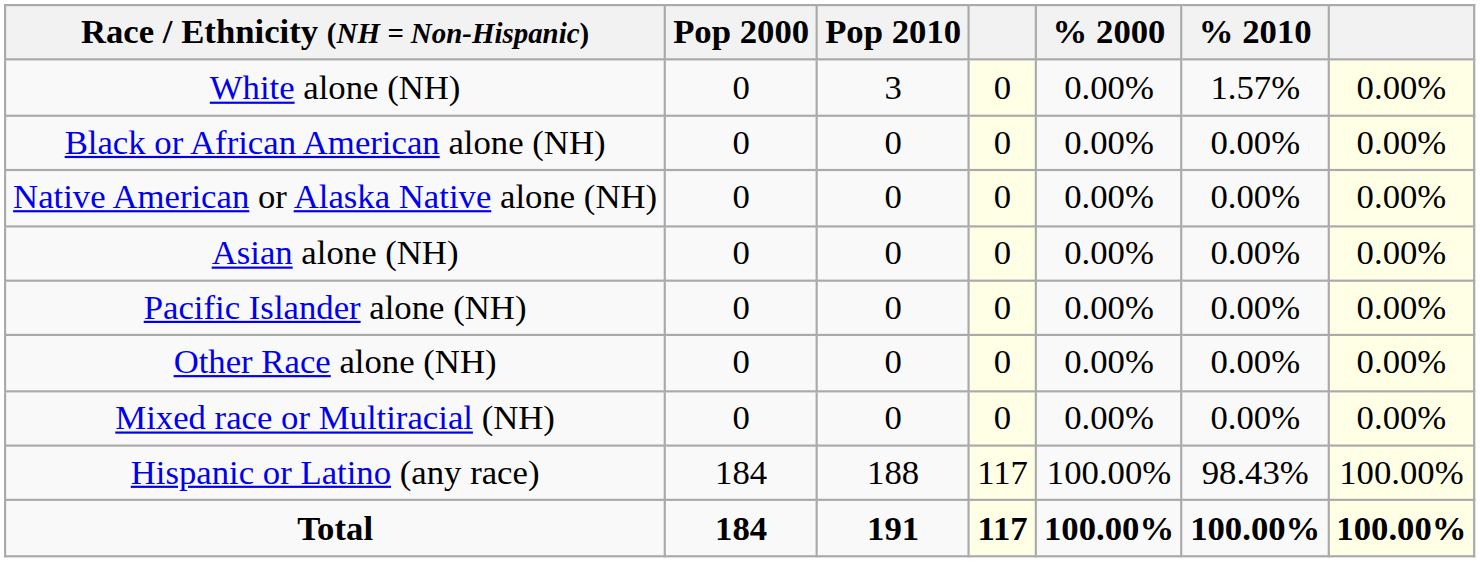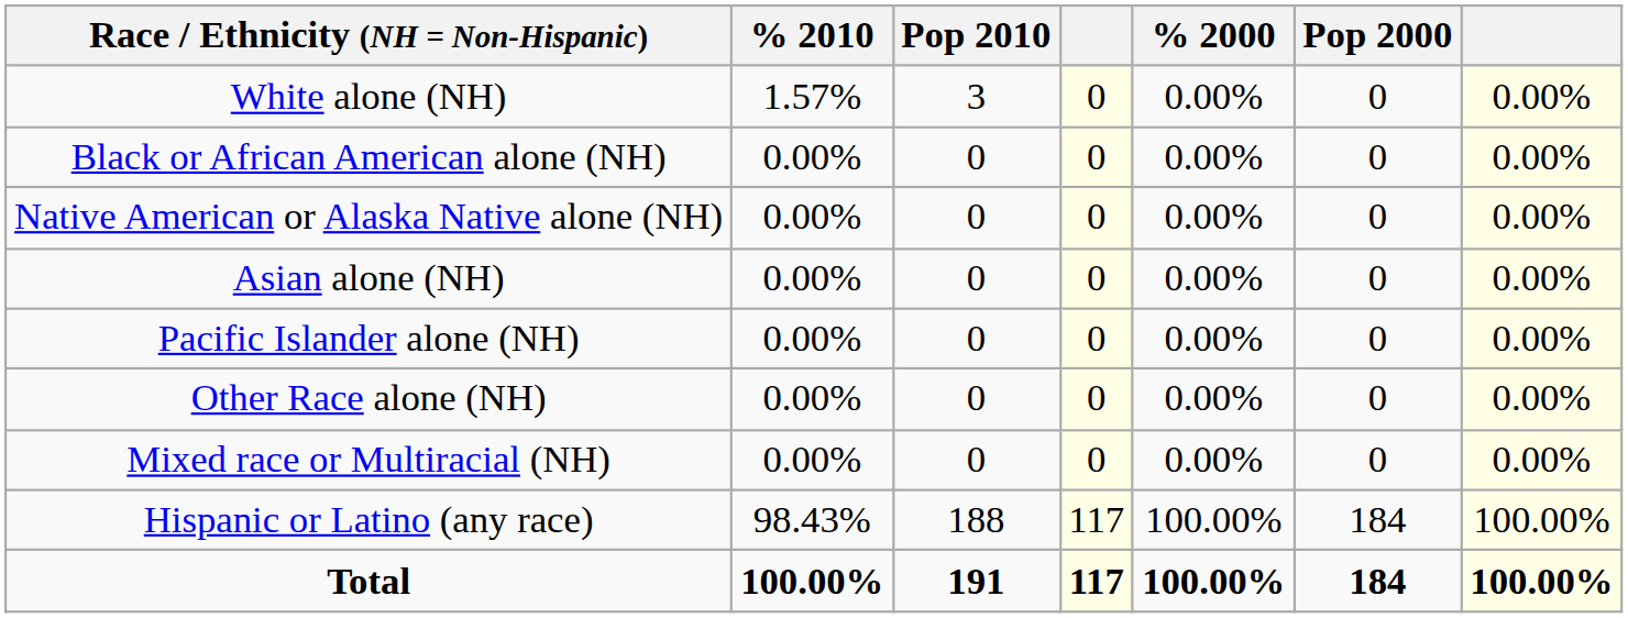 <table class="wikitable" style="text-align:center;">
 <tr>
 <th>Race / Ethnicity <small>(<em>NH = Non-Hispanic</em>)</small></th>
-<th>Pop 2000</th>
+<th>% 2010</th>
 <th>Pop 2010</th>
 <th></th>
 <th>% 2000</th>
-<th>% 2010</th>
+<th>Pop 2000</th>
 <th></th>
 </tr>
 <tr>
 <td><a href='#'>White</a> alone (NH)</td>
-<td>0</td>
+<td>1.57%</td>
 <td>3</td>
 <td style='background: #ffffe6;'>0</td>
 <td>0.00%</td>
-<td>1.57%</td>
+<td>0</td>
 <td style='background: #ffffe6;'>0.00%</td>
 </tr>
 <tr>
 <td><a href='#'>Black or African American</a> alone (NH)</td>
-<td>0</td>
+<td>0.00%</td>
 <td>0</td>
 <td style='background: #ffffe6;'>0</td>
 <td>0.00%</td>
-<td>0.00%</td>
+<td>0</td>
 <td style='background: #ffffe6;'>0.00%</td>
 </tr>
 <tr>
 <td><a href='#'>Native American</a> or <a href='#'>Alaska Native</a> alone (NH)</td>
-<td>0</td>
+<td>0.00%</td>
 <td>0</td>
 <td style='background: #ffffe6;'>0</td>
 <td>0.00%</td>
-<td>0.00%</td>
+<td>0</td>
 <td style='background: #ffffe6;'>0.00%</td>
 </tr>
 <tr>
 <td><a href='#'>Asian</a> alone (NH)</td>
-<td>0</td>
+<td>0.00%</td>
 <td>0</td>
 <td style='background: #ffffe6;'>0</td>
 <td>0.00%</td>
-<td>0.00%</td>
+<td>0</td>
 <td style='background: #ffffe6;'>0.00%</td>
 </tr>
 <tr>
 <td><a href='#'>Pacific Islander</a> alone (NH)</td>
-<td>0</td>
+<td>0.00%</td>
 <td>0</td>
 <td style='background: #ffffe6;'>0</td>
 <td>0.00%</td>
-<td>0.00%</td>
+<td>0</td>
 <td style='background: #ffffe6;'>0.00%</td>
 </tr>
 <tr>
 <td><a href='#'>Other Race</a> alone (NH)</td>
-<td>0</td>
+<td>0.00%</td>
 <td>0</td>
 <td style='background: #ffffe6;'>0</td>
 <td>0.00%</td>
-<td>0.00%</td>
+<td>0</td>
 <td style='background: #ffffe6;'>0.00%</td>
 </tr>
 <tr>
 <td><a href='#'>Mixed race or Multiracial</a> (NH)</td>
-<td>0</td>
+<td>0.00%</td>
 <td>0</td>
 <td style='background: #ffffe6;'>0</td>
 <td>0.00%</td>
-<td>0.00%</td>
+<td>0</td>
 <td style='background: #ffffe6;'>0.00%</td>
 </tr>
 <tr>
 <td><a href='#'>Hispanic or Latino</a> (any race)</td>
-<td>184</td>
+<td>98.43%</td>
 <td>188</td>
 <td style='background: #ffffe6;'>117</td>
 <td>100.00%</td>
-<td>98.43%</td>
+<td>184</td>
 <td style='background: #ffffe6;'>100.00%</td>
 </tr>
 <tr>
 <td><strong>Total</strong></td>
-<td><strong>184</strong></td>
+<td><strong>100.00%</strong></td>
 <td><strong>191</strong></td>
 <td style='background: #ffffe6;'><strong>117</strong></td>
 <td><strong>100.00%</strong></td>
-<td><strong>100.00%</strong></td>
+<td><strong>184</strong></td>
 <td style='background: #ffffe6;'><strong>100.00%</strong></td>
 </tr>
 </table>
